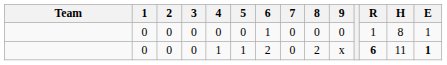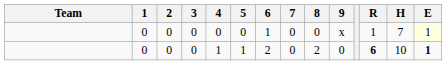 <table border=1 cellspacing=0 width=600 style="margin-left:3em;" class="wikitable">
 <tr style="text-align:center; background-color:#e6e6e6;">
 <th align=left width=28%>Team</th>
 <th width=5.4%>1</th>
 <th width=5.4%>2</th>
 <th width=5.4%>3</th>
 <th width=5.4%>4</th>
 <th width=5.4%>5</th>
 <th width=5.4%>6</th>
 <th width=5.4%>7</th>
 <th width=5.4%>8</th>
 <th width=5.4%>9</th>
 <th rowspan="3" width=0.5%></th>
 <th width=6%>R</th>
 <th width=6%>H</th>
 <th width=6%>E</th>
 </tr>
 <tr style="text-align:center;">
 <td align=left></td>
 <td>0</td>
 <td>0</td>
 <td>0</td>
 <td>0</td>
 <td>0</td>
 <td>1</td>
 <td>0</td>
 <td>0</td>
-<td>0</td>
+<td>x</td>
 <td>1</td>
-<td>8</td>
-<td>1</td>
+<td>7</td>
+<td style="background: lightyellow;">1</td>
 </tr>
 <tr style="text-align:center;">
 <td align=left></td>
 <td>0</td>
 <td>0</td>
 <td>0</td>
 <td>1</td>
 <td>1</td>
 <td>2</td>
 <td>0</td>
 <td>2</td>
-<td>x</td>
+<td>0</td>
 <td><strong>6</strong></td>
-<td>11</td>
+<td>10</td>
 <td><strong>1</strong></td>
 </tr>
 </table>
